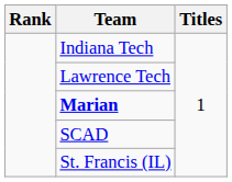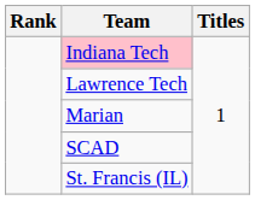 <table class="wikitable sortable" style="text-align:center">
 <tr>
 <th>Rank</th>
 <th>Team</th>
 <th>Titles</th>
 </tr>
 <tr>
 <td rowspan=5></td>
-<td align=left><a href='#'>Indiana Tech</a></td>
+<td align=left style="background: pink;"><a href='#'>Indiana Tech</a></td>
 <td rowspan=5>1</td>
 </tr>
 <tr>
 <td align=left><a href='#'>Lawrence Tech</a></td>
 </tr>
 <tr>
-<td align=left><strong><a href='#'>Marian</a></strong></td>
+<td align=left><a href='#'>Marian</a></td>
 </tr>
 <tr>
 <td align=left><a href='#'>SCAD</a></td>
 </tr>
 <tr>
 <td align=left><a href='#'>St. Francis (IL)</a></td>
 </tr>
 </table>
